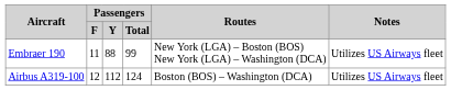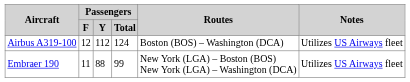 <table class="toccolours" border="1" cellpadding="3" style="margin:1em auto; border-collapse:collapse">
 <tr bgcolor=lightgrey>
 <th rowspan=2>Aircraft</th>
 <th colspan=3>Passengers</th>
 <th rowspan=2>Routes</th>
 <th rowspan=2>Notes</th>
 </tr>
 <tr bgcolor=lightgrey>
 <th><abbr>F</abbr></th>
 <th><abbr>Y</abbr></th>
 <th>Total</th>
 </tr>
 <tr>
+<td><a href='#'>Airbus A319-100</a></td>
+<td>12</td>
+<td>112</td>
+<td>124</td>
+<td>Boston (BOS) – Washington (DCA)</td>
+<td>Utilizes <a href='#'>US Airways</a> fleet</td>
+</tr>
+<tr>
 <td><a href='#'>Embraer 190</a></td>
 <td>11</td>
 <td>88</td>
 <td>99</td>
 <td>New York (LGA) – Boston (BOS)<br>New York (LGA) – Washington (DCA)</td>
 <td>Utilizes <a href='#'>US Airways</a> fleet</td>
 </tr>
-<tr>
-<td><a href='#'>Airbus A319-100</a></td>
-<td>12</td>
-<td>112</td>
-<td>124</td>
-<td>Boston (BOS) – Washington (DCA)</td>
-<td>Utilizes <a href='#'>US Airways</a> fleet</td>
-</tr>
 </table>
